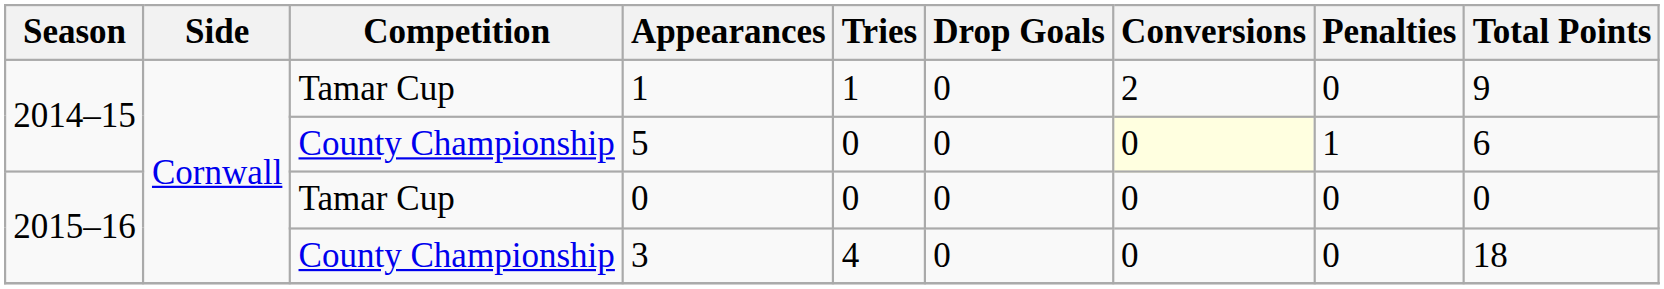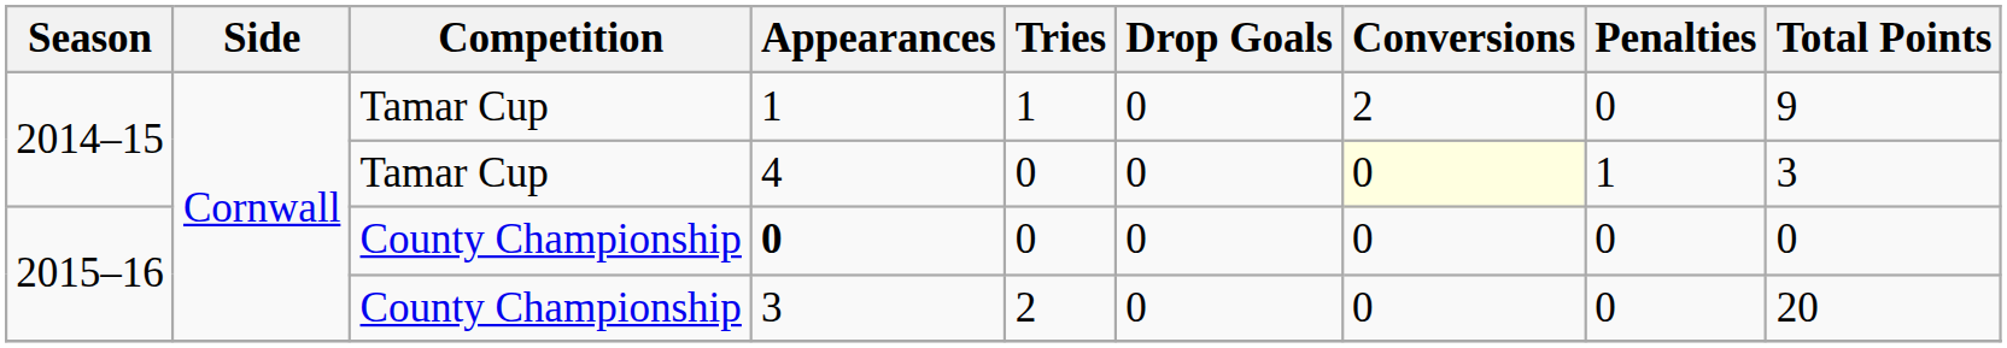 <table class="wikitable sortable">
 <tr>
 <th>Season</th>
 <th>Side</th>
 <th>Competition</th>
 <th>Appearances</th>
 <th>Tries</th>
 <th>Drop Goals</th>
 <th>Conversions</th>
 <th>Penalties</th>
 <th>Total Points</th>
 </tr>
 <tr>
 <td rowspan=2 align=left>2014–15</td>
 <td rowspan=4 align=left><a href='#'>Cornwall</a></td>
 <td>Tamar Cup</td>
 <td>1</td>
 <td>1</td>
 <td>0</td>
 <td>2</td>
 <td>0</td>
 <td>9</td>
 </tr>
 <tr>
-<td><a href='#'>County Championship</a></td>
-<td>5</td>
+<td>Tamar Cup</td>
+<td>4</td>
 <td>0</td>
 <td>0</td>
 <td style="background: lightyellow;">0</td>
 <td>1</td>
-<td>6</td>
+<td>3</td>
 </tr>
 <tr>
 <td rowspan=2 align=left>2015–16</td>
-<td>Tamar Cup</td>
-<td>0</td>
+<td><a href='#'>County Championship</a></td>
+<td><strong>0</strong></td>
 <td>0</td>
 <td>0</td>
 <td>0</td>
 <td>0</td>
 <td>0</td>
 </tr>
 <tr>
 <td><a href='#'>County Championship</a></td>
 <td>3</td>
-<td>4</td>
+<td>2</td>
 <td>0</td>
 <td>0</td>
 <td>0</td>
-<td>18</td>
+<td>20</td>
 </tr>
 <tr>
 </tr>
 </table>
